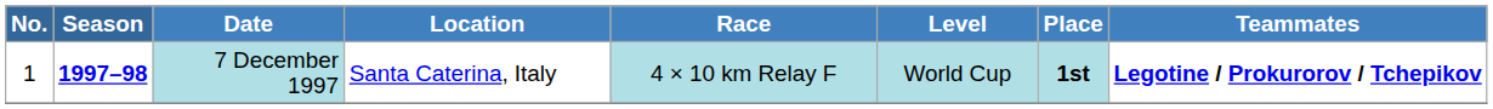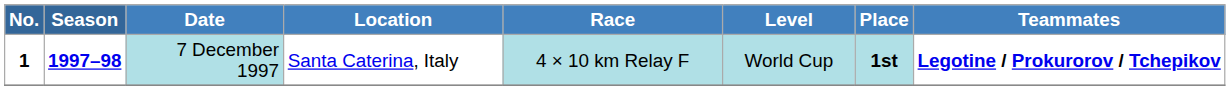 <table class="wikitable sortable" style="font-size:95%; text-align:center; border:grey solid 1px; border-collapse:collapse; background:#ffffff;">
 <tr style="background:#efefef;">
 <th style="background-color:#369; color:white;">No.</th>
 <th style="background-color:#369; color:white;">Season</th>
 <th style="background-color:#4180be; color:white; width:120px;">Date</th>
 <th style="background-color:#4180be; color:white; width:170px;">Location</th>
 <th style="background-color:#4180be; color:white; width:170px;">Race</th>
 <th style="background-color:#4180be; color:white; width:100px;">Level</th>
 <th style="background-color:#4180be; color:white;">Place</th>
 <th style="background-color:#4180be; color:white;">Teammates</th>
 </tr>
 <tr>
-<td align=center>1</td>
+<td align=center><strong>1</strong></td>
 <td rowspan=1 align=center><strong><a href='#'>1997–98</a></strong></td>
 <td bgcolor="#BOEOE6" align=right>7 December 1997</td>
 <td align=left> <a href='#'>Santa Caterina</a>, Italy</td>
 <td bgcolor="#BOEOE6">4 × 10 km Relay F</td>
 <td bgcolor="#BOEOE6">World Cup</td>
 <td bgcolor="#BOEOE6"><strong>1st</strong></td>
 <td><strong><a href='#'>Legotine</a> / <a href='#'>Prokurorov</a> / <a href='#'>Tchepikov</a></strong></td>
 </tr>
 <tr>
 </tr>
 </table>
